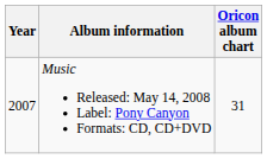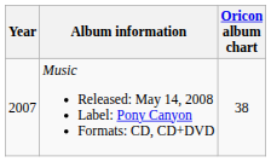 <table class="wikitable">
 <tr>
 <th>Year</th>
 <th>Album information</th>
 <th><a href='#'>Oricon</a><br>album<br>chart</th>
 </tr>
 <tr>
 <td>2007</td>
 <td><em>Music</em><br><ul><li>Released: May 14, 2008</li><li>Label: <a href='#'>Pony Canyon</a></li><li>Formats: CD, CD+DVD</li></ul></td>
-<td align="center">31</td>
+<td align="center">38</td>
 </tr>
 </table>
